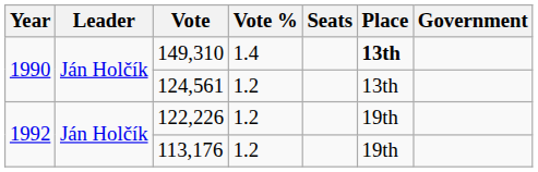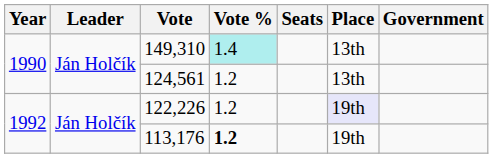 <table class="wikitable">
 <tr>
 <th>Year</th>
 <th>Leader</th>
 <th>Vote</th>
 <th>Vote %</th>
 <th>Seats</th>
 <th>Place</th>
 <th>Government</th>
 </tr>
 <tr>
 <td align=left rowspan=2><a href='#'>1990</a></td>
 <td align=left rowspan=2><a href='#'>Ján Holčík</a></td>
 <td>149,310</td>
-<td>1.4</td>
+<td style="background: paleturquoise;">1.4</td>
 <td></td>
-<td><strong>13th</strong></td>
+<td>13th</td>
 <td></td>
 </tr>
 <tr>
 <td>124,561</td>
 <td>1.2</td>
 <td></td>
 <td>13th</td>
 <td></td>
 </tr>
 <tr>
 <td align=left rowspan=2><a href='#'>1992</a></td>
 <td align=left rowspan=2><a href='#'>Ján Holčík</a></td>
 <td>122,226</td>
 <td>1.2</td>
 <td></td>
-<td>19th</td>
+<td style="background: lavender;">19th</td>
 <td></td>
 </tr>
 <tr>
 <td>113,176</td>
-<td>1.2</td>
+<td><strong>1.2</strong></td>
 <td></td>
 <td>19th</td>
 <td></td>
 </tr>
 </table>
